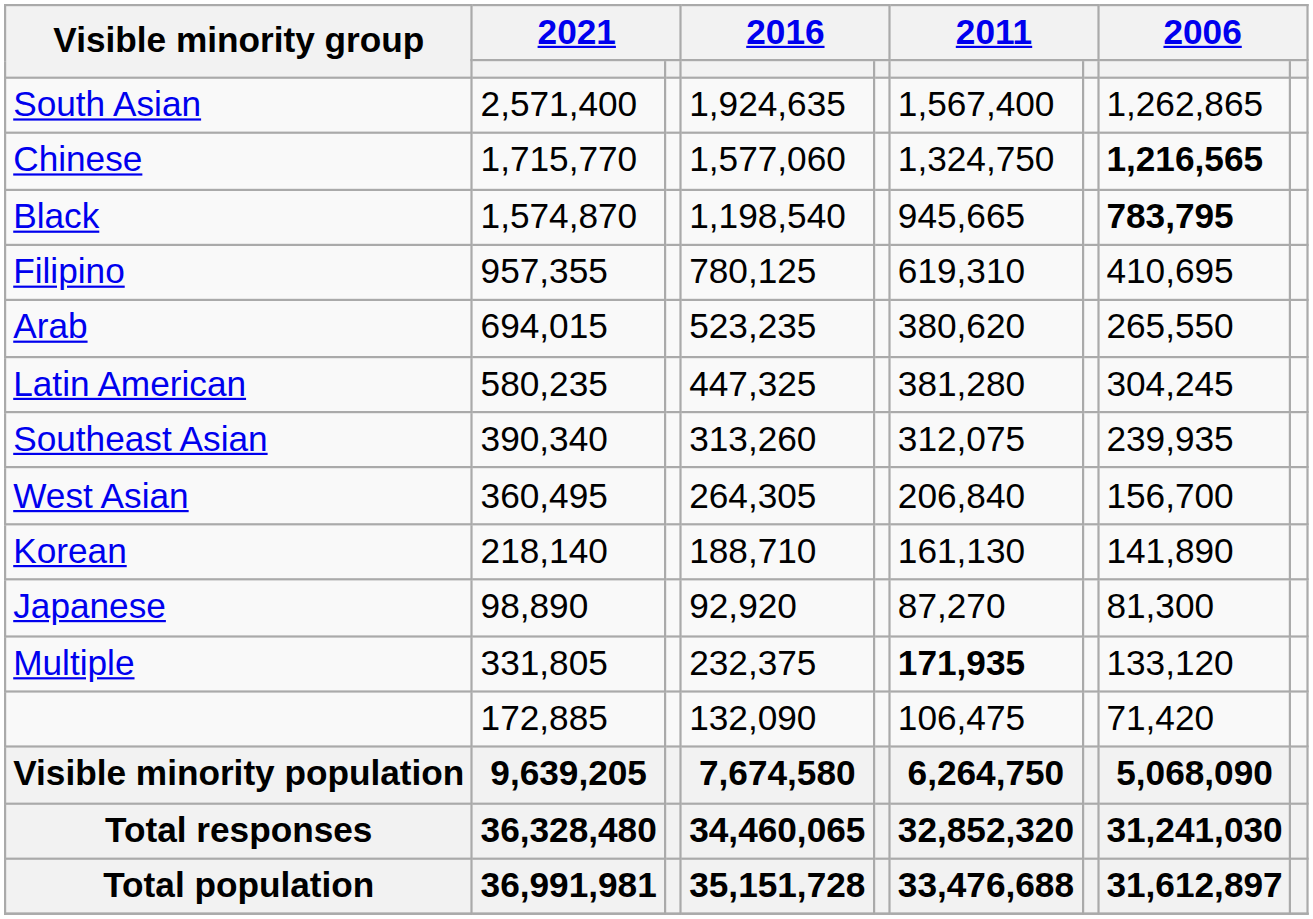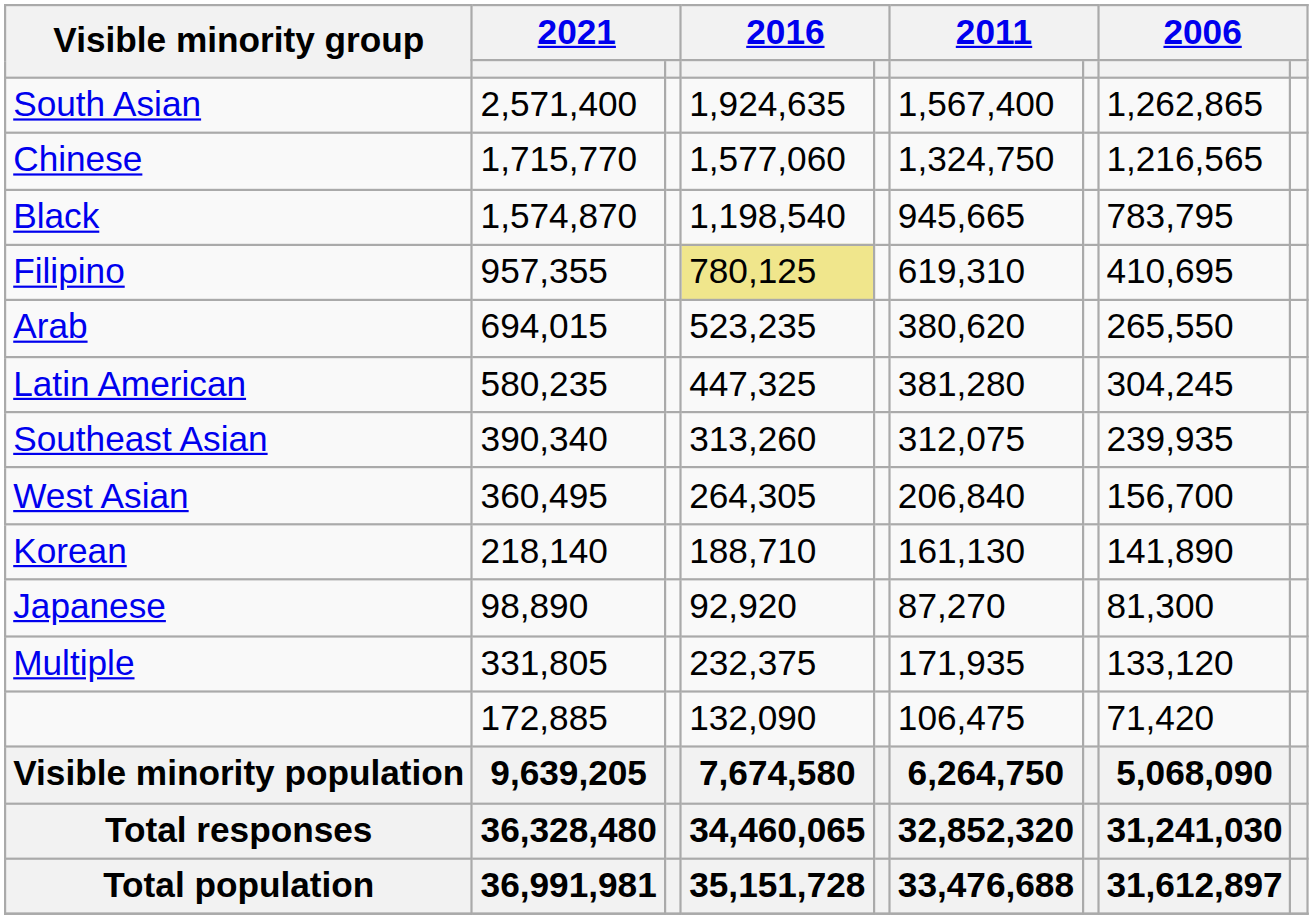 <table class="wikitable sortable">
 <tr>
 <th rowspan="2">Visible minority group</th>
 <th colspan="2"><a href='#'>2021</a><br></th>
 <th colspan="2"><a href='#'>2016</a><br></th>
 <th colspan="2"><a href='#'>2011</a><br></th>
 <th colspan="2"><a href='#'>2006</a><br></th>
 </tr>
 <tr>
 <th><a href='#'></a></th>
 <th></th>
 <th></th>
 <th></th>
 <th></th>
 <th></th>
 <th></th>
 <th></th>
 </tr>
 <tr>
 <td><a href='#'>South Asian</a></td>
 <td>2,571,400</td>
 <td></td>
 <td>1,924,635</td>
 <td></td>
 <td>1,567,400</td>
 <td></td>
 <td>1,262,865</td>
 <td></td>
 </tr>
 <tr>
 <td><a href='#'>Chinese</a></td>
 <td>1,715,770</td>
 <td></td>
 <td>1,577,060</td>
 <td></td>
 <td>1,324,750</td>
 <td></td>
-<td><strong>1,216,565</strong></td>
+<td>1,216,565</td>
 <td></td>
 </tr>
 <tr>
 <td><a href='#'>Black</a></td>
 <td>1,574,870</td>
 <td></td>
 <td>1,198,540</td>
 <td></td>
 <td>945,665</td>
 <td></td>
-<td><strong>783,795</strong></td>
+<td>783,795</td>
 <td></td>
 </tr>
 <tr>
 <td><a href='#'>Filipino</a></td>
 <td>957,355</td>
 <td></td>
-<td>780,125</td>
+<td style="background: khaki;">780,125</td>
 <td></td>
 <td>619,310</td>
 <td></td>
 <td>410,695</td>
 <td></td>
 </tr>
 <tr>
 <td><a href='#'>Arab</a></td>
 <td>694,015</td>
 <td></td>
 <td>523,235</td>
 <td></td>
 <td>380,620</td>
 <td></td>
 <td>265,550</td>
 <td></td>
 </tr>
 <tr>
 <td><a href='#'>Latin American</a></td>
 <td>580,235</td>
 <td></td>
 <td>447,325</td>
 <td></td>
 <td>381,280</td>
 <td></td>
 <td>304,245</td>
 <td></td>
 </tr>
 <tr>
 <td><a href='#'>Southeast Asian</a></td>
 <td>390,340</td>
 <td></td>
 <td>313,260</td>
 <td></td>
 <td>312,075</td>
 <td></td>
 <td>239,935</td>
 <td></td>
 </tr>
 <tr>
 <td><a href='#'>West Asian</a></td>
 <td>360,495</td>
 <td></td>
 <td>264,305</td>
 <td></td>
 <td>206,840</td>
 <td></td>
 <td>156,700</td>
 <td></td>
 </tr>
 <tr>
 <td><a href='#'>Korean</a></td>
 <td>218,140</td>
 <td></td>
 <td>188,710</td>
 <td></td>
 <td>161,130</td>
 <td></td>
 <td>141,890</td>
 <td></td>
 </tr>
 <tr>
 <td><a href='#'>Japanese</a></td>
 <td>98,890</td>
 <td></td>
 <td>92,920</td>
 <td></td>
 <td>87,270</td>
 <td></td>
 <td>81,300</td>
 <td></td>
 </tr>
 <tr>
 <td><a href='#'>Multiple</a></td>
 <td>331,805</td>
 <td></td>
 <td>232,375</td>
 <td></td>
-<td><strong>171,935</strong></td>
+<td>171,935</td>
 <td></td>
 <td>133,120</td>
 <td></td>
 </tr>
 <tr>
 <td></td>
 <td>172,885</td>
 <td></td>
 <td>132,090</td>
 <td></td>
 <td>106,475</td>
 <td></td>
 <td>71,420</td>
 <td></td>
 </tr>
 <tr>
 <th>Visible minority population</th>
 <th>9,639,205</th>
 <th></th>
 <th>7,674,580</th>
 <th></th>
 <th>6,264,750</th>
 <th></th>
 <th>5,068,090</th>
 <th></th>
 </tr>
 <tr class="sortbottom">
 <th>Total responses</th>
 <th>36,328,480</th>
 <th></th>
 <th>34,460,065</th>
 <th></th>
 <th>32,852,320</th>
 <th></th>
 <th>31,241,030</th>
 <th></th>
 </tr>
 <tr class="sortbottom">
 <th>Total population</th>
 <th>36,991,981</th>
 <th></th>
 <th>35,151,728</th>
 <th></th>
 <th>33,476,688</th>
 <th></th>
 <th>31,612,897</th>
 <th></th>
 </tr>
 <tr class="sortbottom">
 </tr>
 </table>
